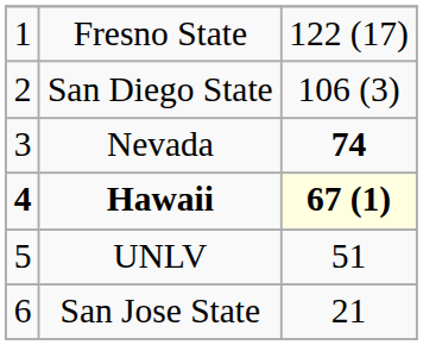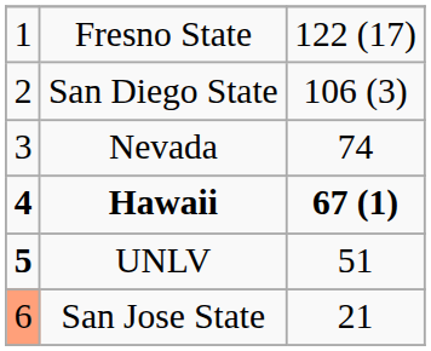 <table class="wikitable" style="display: inline-table;">
 <tr align="center">
 </tr>
 <tr align="center">
 <td>1</td>
 <td>Fresno State</td>
 <td>122 (17)</td>
 </tr>
 <tr align="center">
 <td>2</td>
 <td>San Diego State</td>
 <td>106 (3)</td>
 </tr>
 <tr align="center">
 <td>3</td>
 <td>Nevada</td>
-<td><strong>74</strong></td>
+<td>74</td>
 </tr>
 <tr align="center">
 <td><strong>4</strong></td>
 <td><strong>Hawaii</strong></td>
-<td style="background: lightyellow;"><strong>67 (1)</strong></td>
+<td><strong>67 (1)</strong></td>
 </tr>
 <tr align="center">
-<td>5</td>
+<td><strong>5</strong></td>
 <td>UNLV</td>
 <td>51</td>
 </tr>
 <tr align="center">
-<td>6</td>
+<td style="background: lightsalmon;">6</td>
 <td>San Jose State</td>
 <td>21</td>
 </tr>
 </table>
